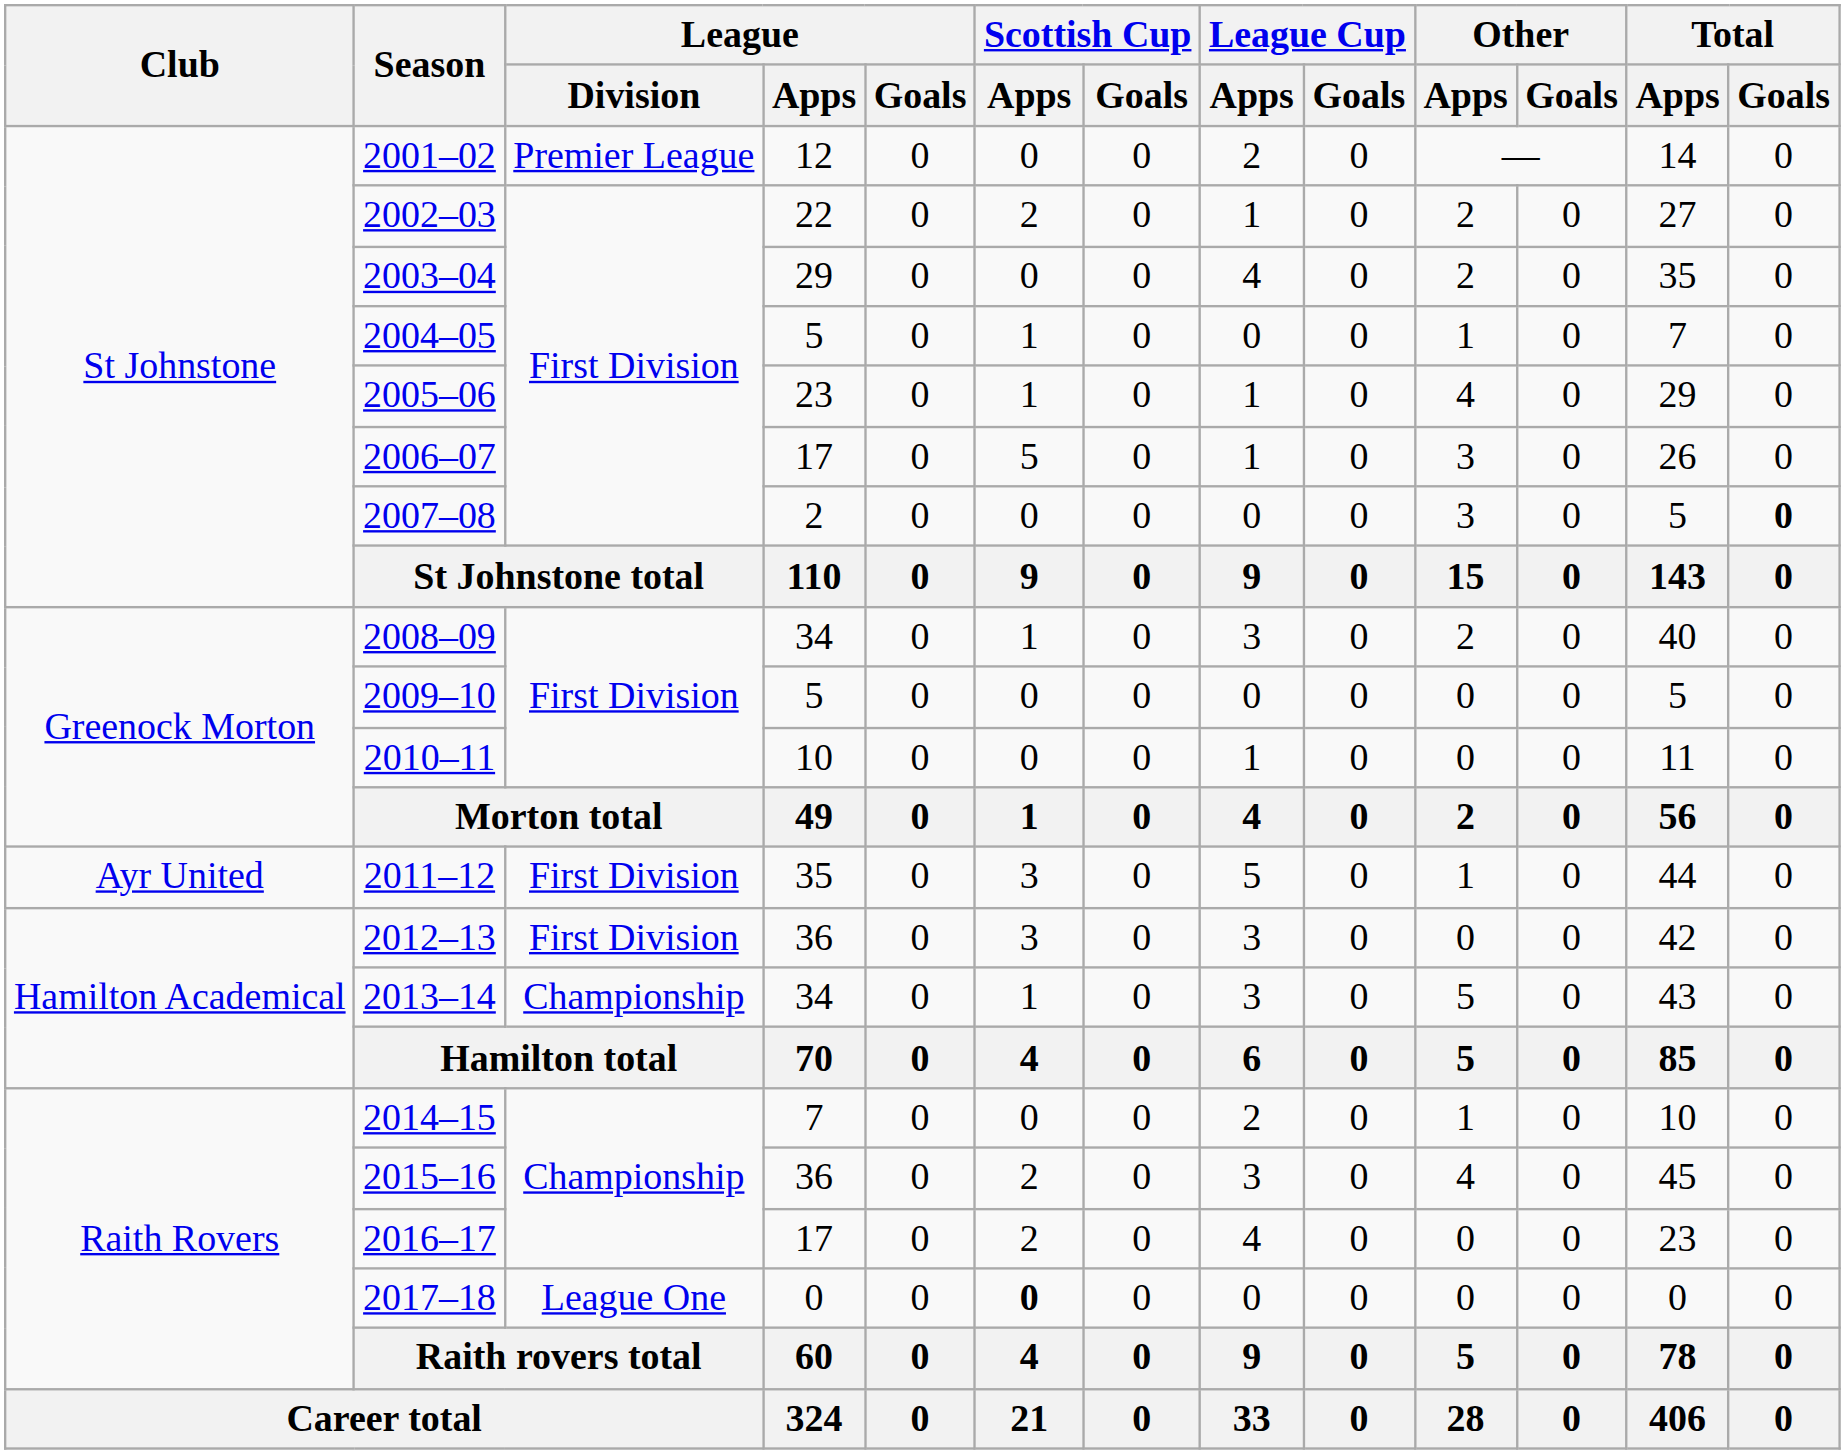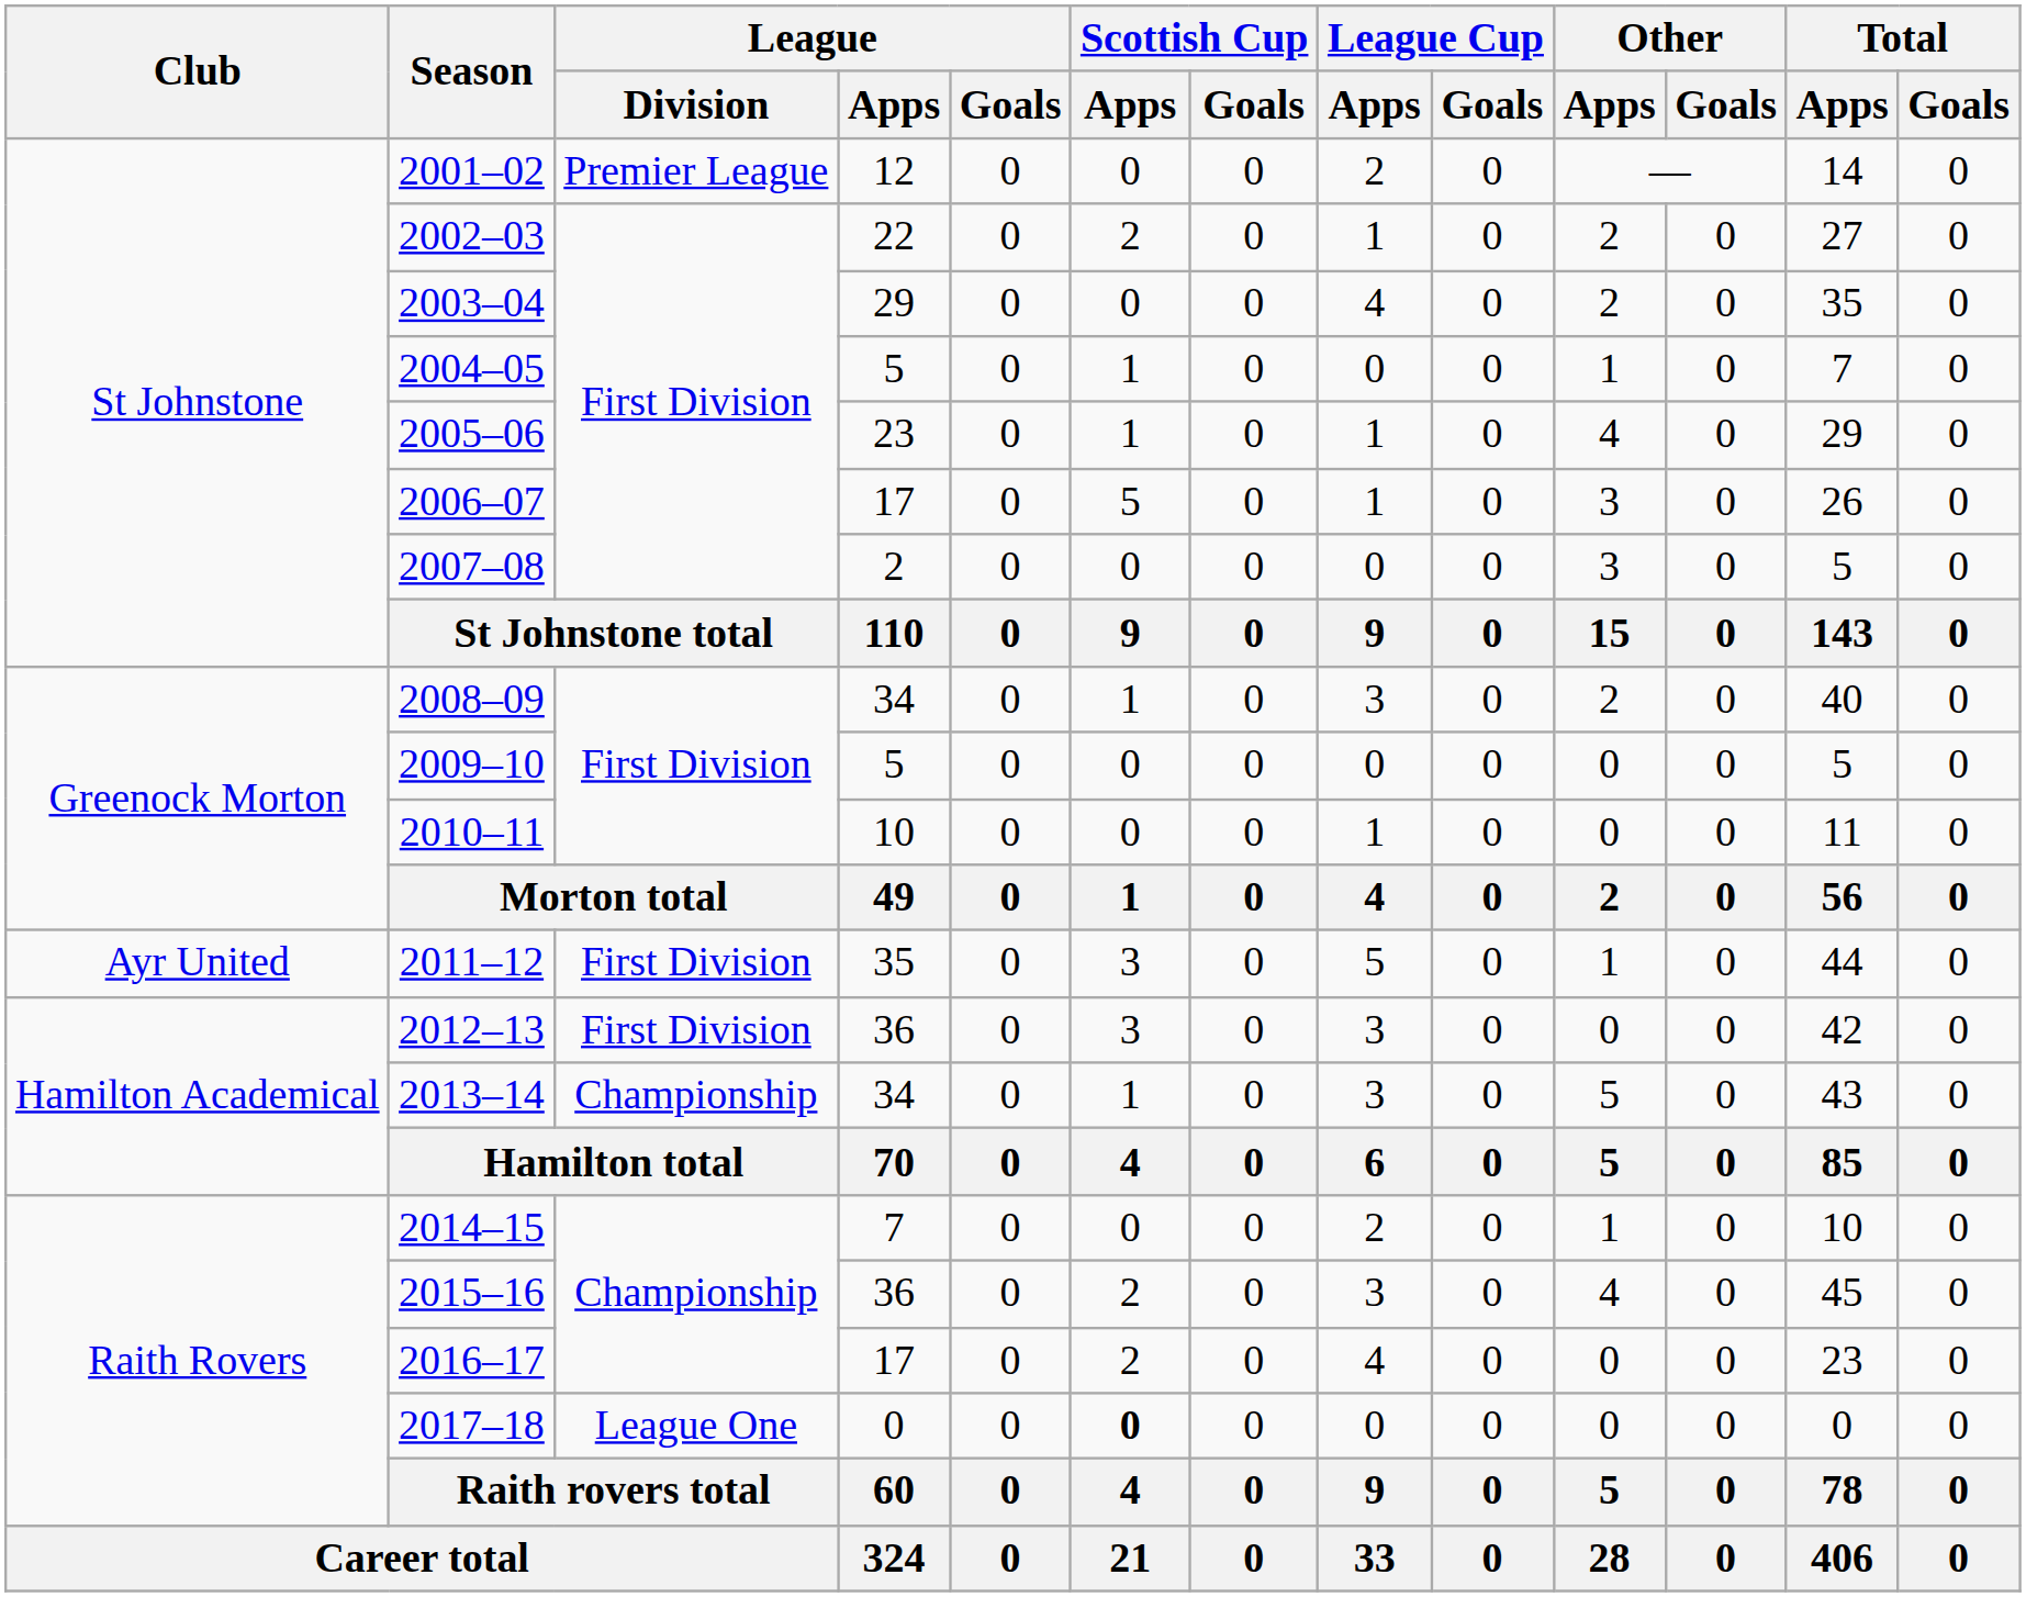 <table class="wikitable" style="text-align:center">
 <tr>
 <th rowspan="2">Club</th>
 <th rowspan="2">Season</th>
 <th colspan="3">League</th>
 <th colspan="2"><a href='#'>Scottish Cup</a></th>
 <th colspan="2"><a href='#'>League Cup</a></th>
 <th colspan="2">Other</th>
 <th colspan="2">Total</th>
 </tr>
 <tr>
 <th>Division</th>
 <th>Apps</th>
 <th>Goals</th>
 <th>Apps</th>
 <th>Goals</th>
 <th>Apps</th>
 <th>Goals</th>
 <th>Apps</th>
 <th>Goals</th>
 <th>Apps</th>
 <th>Goals</th>
 </tr>
 <tr>
 <td rowspan="8"><a href='#'>St Johnstone</a></td>
 <td><a href='#'>2001–02</a></td>
 <td><a href='#'>Premier League</a></td>
 <td>12</td>
 <td>0</td>
 <td>0</td>
 <td>0</td>
 <td>2</td>
 <td>0</td>
 <td colspan="2">—</td>
 <td>14</td>
 <td>0</td>
 </tr>
 <tr>
 <td><a href='#'>2002–03</a></td>
 <td rowspan="6"><a href='#'>First Division</a></td>
 <td>22</td>
 <td>0</td>
 <td>2</td>
 <td>0</td>
 <td>1</td>
 <td>0</td>
 <td>2</td>
 <td>0</td>
 <td>27</td>
 <td>0</td>
 </tr>
 <tr>
 <td><a href='#'>2003–04</a></td>
 <td>29</td>
 <td>0</td>
 <td>0</td>
 <td>0</td>
 <td>4</td>
 <td>0</td>
 <td>2</td>
 <td>0</td>
 <td>35</td>
 <td>0</td>
 </tr>
 <tr>
 <td><a href='#'>2004–05</a></td>
 <td>5</td>
 <td>0</td>
 <td>1</td>
 <td>0</td>
 <td>0</td>
 <td>0</td>
 <td>1</td>
 <td>0</td>
 <td>7</td>
 <td>0</td>
 </tr>
 <tr>
 <td><a href='#'>2005–06</a></td>
 <td>23</td>
 <td>0</td>
 <td>1</td>
 <td>0</td>
 <td>1</td>
 <td>0</td>
 <td>4</td>
 <td>0</td>
 <td>29</td>
 <td>0</td>
 </tr>
 <tr>
 <td><a href='#'>2006–07</a></td>
 <td>17</td>
 <td>0</td>
 <td>5</td>
 <td>0</td>
 <td>1</td>
 <td>0</td>
 <td>3</td>
 <td>0</td>
 <td>26</td>
 <td>0</td>
 </tr>
 <tr>
 <td><a href='#'>2007–08</a></td>
 <td>2</td>
 <td>0</td>
 <td>0</td>
 <td>0</td>
 <td>0</td>
 <td>0</td>
 <td>3</td>
 <td>0</td>
 <td>5</td>
-<td><strong>0</strong></td>
+<td>0</td>
 </tr>
 <tr>
 <th colspan="2">St Johnstone total</th>
 <th>110</th>
 <th>0</th>
 <th>9</th>
 <th>0</th>
 <th>9</th>
 <th>0</th>
 <th>15</th>
 <th>0</th>
 <th>143</th>
 <th>0</th>
 </tr>
 <tr>
 <td rowspan="4"><a href='#'>Greenock Morton</a></td>
 <td><a href='#'>2008–09</a></td>
 <td rowspan="3"><a href='#'>First Division</a></td>
 <td>34</td>
 <td>0</td>
 <td>1</td>
 <td>0</td>
 <td>3</td>
 <td>0</td>
 <td>2</td>
 <td>0</td>
 <td>40</td>
 <td>0</td>
 </tr>
 <tr>
 <td><a href='#'>2009–10</a></td>
 <td>5</td>
 <td>0</td>
 <td>0</td>
 <td>0</td>
 <td>0</td>
 <td>0</td>
 <td>0</td>
 <td>0</td>
 <td>5</td>
 <td>0</td>
 </tr>
 <tr>
 <td><a href='#'>2010–11</a></td>
 <td>10</td>
 <td>0</td>
 <td>0</td>
 <td>0</td>
 <td>1</td>
 <td>0</td>
 <td>0</td>
 <td>0</td>
 <td>11</td>
 <td>0</td>
 </tr>
 <tr>
 <th colspan="2">Morton total</th>
 <th>49</th>
 <th>0</th>
 <th>1</th>
 <th>0</th>
 <th>4</th>
 <th>0</th>
 <th>2</th>
 <th>0</th>
 <th>56</th>
 <th>0</th>
 </tr>
 <tr>
 <td><a href='#'>Ayr United</a></td>
 <td><a href='#'>2011–12</a></td>
 <td><a href='#'>First Division</a></td>
 <td>35</td>
 <td>0</td>
 <td>3</td>
 <td>0</td>
 <td>5</td>
 <td>0</td>
 <td>1</td>
 <td>0</td>
 <td>44</td>
 <td>0</td>
 </tr>
 <tr>
 <td rowspan="3"><a href='#'>Hamilton Academical</a></td>
 <td><a href='#'>2012–13</a></td>
 <td><a href='#'>First Division</a></td>
 <td>36</td>
 <td>0</td>
 <td>3</td>
 <td>0</td>
 <td>3</td>
 <td>0</td>
 <td>0</td>
 <td>0</td>
 <td>42</td>
 <td>0</td>
 </tr>
 <tr>
 <td><a href='#'>2013–14</a></td>
 <td><a href='#'>Championship</a></td>
 <td>34</td>
 <td>0</td>
 <td>1</td>
 <td>0</td>
 <td>3</td>
 <td>0</td>
 <td>5</td>
 <td>0</td>
 <td>43</td>
 <td>0</td>
 </tr>
 <tr>
 <th colspan="2">Hamilton total</th>
 <th>70</th>
 <th>0</th>
 <th>4</th>
 <th>0</th>
 <th>6</th>
 <th>0</th>
 <th>5</th>
 <th>0</th>
 <th>85</th>
 <th>0</th>
 </tr>
 <tr>
 <td rowspan="5"><a href='#'>Raith Rovers</a></td>
 <td><a href='#'>2014–15</a></td>
 <td rowspan="3"><a href='#'>Championship</a></td>
 <td>7</td>
 <td>0</td>
 <td>0</td>
 <td>0</td>
 <td>2</td>
 <td>0</td>
 <td>1</td>
 <td>0</td>
 <td>10</td>
 <td>0</td>
 </tr>
 <tr>
 <td><a href='#'>2015–16</a></td>
 <td>36</td>
 <td>0</td>
 <td>2</td>
 <td>0</td>
 <td>3</td>
 <td>0</td>
 <td>4</td>
 <td>0</td>
 <td>45</td>
 <td>0</td>
 </tr>
 <tr>
 <td><a href='#'>2016–17</a></td>
 <td>17</td>
 <td>0</td>
 <td>2</td>
 <td>0</td>
 <td>4</td>
 <td>0</td>
 <td>0</td>
 <td>0</td>
 <td>23</td>
 <td>0</td>
 </tr>
 <tr>
 <td><a href='#'>2017–18</a></td>
 <td><a href='#'>League One</a></td>
 <td>0</td>
 <td>0</td>
 <td><strong>0</strong></td>
 <td>0</td>
 <td>0</td>
 <td>0</td>
 <td>0</td>
 <td>0</td>
 <td>0</td>
 <td>0</td>
 </tr>
 <tr>
 <th colspan="2">Raith rovers total</th>
 <th>60</th>
 <th>0</th>
 <th>4</th>
 <th>0</th>
 <th>9</th>
 <th>0</th>
 <th>5</th>
 <th>0</th>
 <th>78</th>
 <th>0</th>
 </tr>
 <tr>
 <th colspan="3">Career total</th>
 <th>324</th>
 <th>0</th>
 <th>21</th>
 <th>0</th>
 <th>33</th>
 <th>0</th>
 <th>28</th>
 <th>0</th>
 <th>406</th>
 <th>0</th>
 </tr>
 </table>
